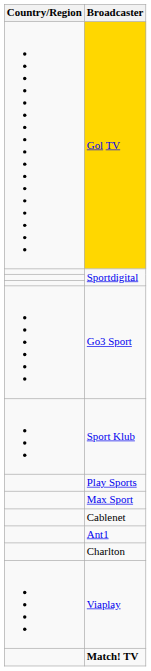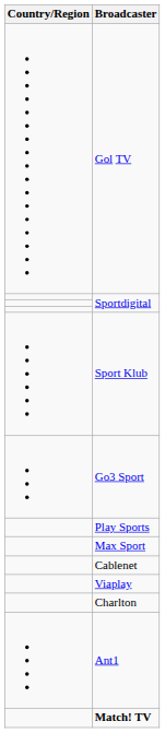 <table class="wikitable">
 <tr>
 <th>Country/Region</th>
 <th>Broadcaster</th>
 </tr>
 <tr>
 <td><br><ul><li></li><li></li><li></li><li></li><li></li><li></li><li></li><li></li><li></li><li></li><li></li><li></li><li></li><li></li><li></li><li></li><li></li></ul></td>
-<td style="background: gold;"><a href='#'>Gol</a> <a href='#'>TV</a></td>
+<td><a href='#'>Gol</a> <a href='#'>TV</a></td>
 </tr>
 <tr>
 <td></td>
 <td rowspan="3"><a href='#'>Sportdigital</a></td>
 </tr>
 <tr>
 <td></td>
 </tr>
 <tr>
 <td></td>
 </tr>
 <tr>
 <td><br><ul><li></li><li></li><li></li><li></li><li></li><li></li></ul></td>
-<td><a href='#'>Go3 Sport</a></td>
+<td><a href='#'>Sport Klub</a></td>
 </tr>
 <tr>
 <td><br><ul><li></li><li></li><li></li></ul></td>
-<td><a href='#'>Sport Klub</a></td>
+<td><a href='#'>Go3 Sport</a></td>
 </tr>
 <tr>
 <td></td>
 <td><a href='#'>Play Sports</a></td>
 </tr>
 <tr>
 <td></td>
 <td><a href='#'>Max Sport</a></td>
 </tr>
 <tr>
 <td></td>
 <td>Cablenet</td>
 </tr>
 <tr>
 <td></td>
-<td><a href='#'>Ant1</a></td>
+<td><a href='#'>Viaplay</a></td>
 </tr>
 <tr>
 <td></td>
 <td>Charlton</td>
 </tr>
 <tr>
 <td><br><ul><li></li><li></li><li></li><li></li></ul></td>
-<td><a href='#'>Viaplay</a></td>
+<td><a href='#'>Ant1</a></td>
 </tr>
 <tr>
 <td></td>
 <td><strong>Match! TV</strong></td>
 </tr>
 </table>
